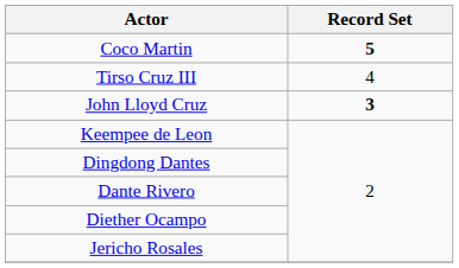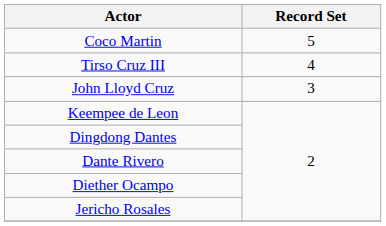 <table class="wikitable"  style="width:20%; text-align:center;">
 <tr>
 <th width=10%>Actor</th>
 <th width=5%>Record Set</th>
 </tr>
 <tr>
 <td><a href='#'>Coco Martin</a></td>
-<td><strong>5</strong></td>
+<td>5</td>
 </tr>
 <tr>
 <td><a href='#'>Tirso Cruz III</a></td>
 <td>4</td>
 </tr>
 <tr>
 <td><a href='#'>John Lloyd Cruz</a></td>
-<td><strong>3</strong></td>
+<td>3</td>
 </tr>
 <tr>
 <td><a href='#'>Keempee de Leon</a></td>
 <td rowspan=5>2</td>
 </tr>
 <tr>
 <td><a href='#'>Dingdong Dantes</a></td>
 </tr>
 <tr>
 <td><a href='#'>Dante Rivero</a></td>
 </tr>
 <tr>
 <td><a href='#'>Diether Ocampo</a></td>
 </tr>
 <tr>
 <td><a href='#'>Jericho Rosales</a></td>
 </tr>
 <tr>
 </tr>
 </table>
